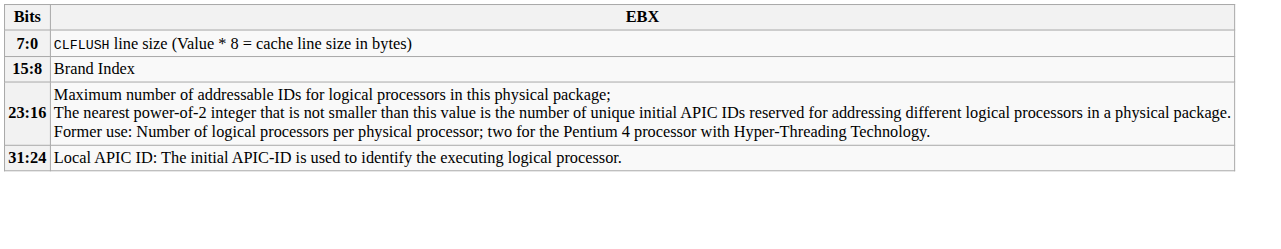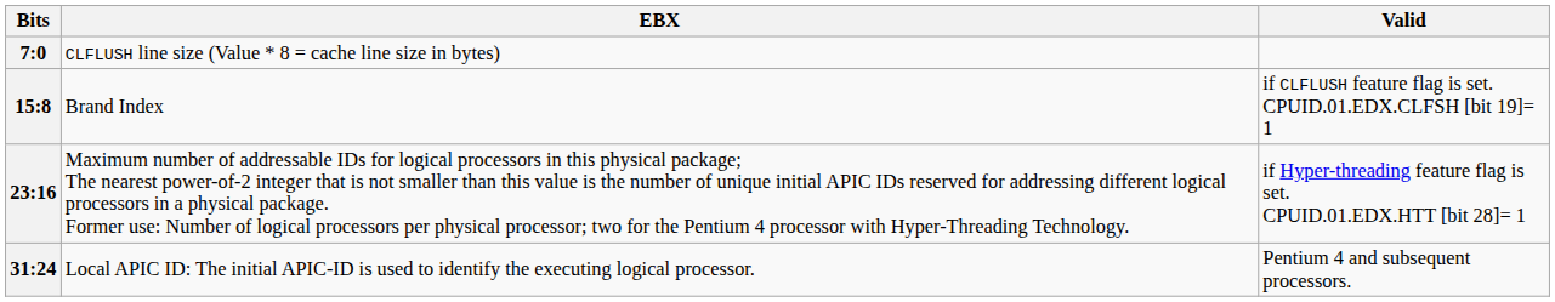 <table class="wikitable">
 <tr>
 <th>Bits</th>
 <th>EBX</th>
+<th>Valid</th>
 </tr>
 <tr>
 <th>7:0</th>
 <td><code>CLFLUSH</code> line size (Value * 8 = cache line size in bytes)</td>
+<td></td>
 </tr>
 <tr>
 <th>15:8</th>
 <td>Brand Index</td>
+<td>if <code>CLFLUSH</code> feature flag is set.<br>CPUID.01.EDX.CLFSH [bit 19]= 1</td>
 </tr>
 <tr>
 <th>23:16</th>
 <td>Maximum number of addressable IDs for logical processors in this physical package;<br>The nearest power-of-2 integer that is not smaller than this value is the number of unique initial APIC IDs reserved for addressing different logical processors in a physical package.<br>Former use: Number of logical processors per physical processor; two for the Pentium 4 processor with Hyper-Threading Technology.</td>
+<td>if <a href='#'>Hyper-threading</a> feature flag is set.<br>CPUID.01.EDX.HTT [bit 28]= 1</td>
 </tr>
 <tr>
 <th>31:24</th>
 <td>Local APIC ID: The initial APIC-ID is used to identify the executing logical processor.</td>
+<td>Pentium 4 and subsequent processors.</td>
 </tr>
 </table>
